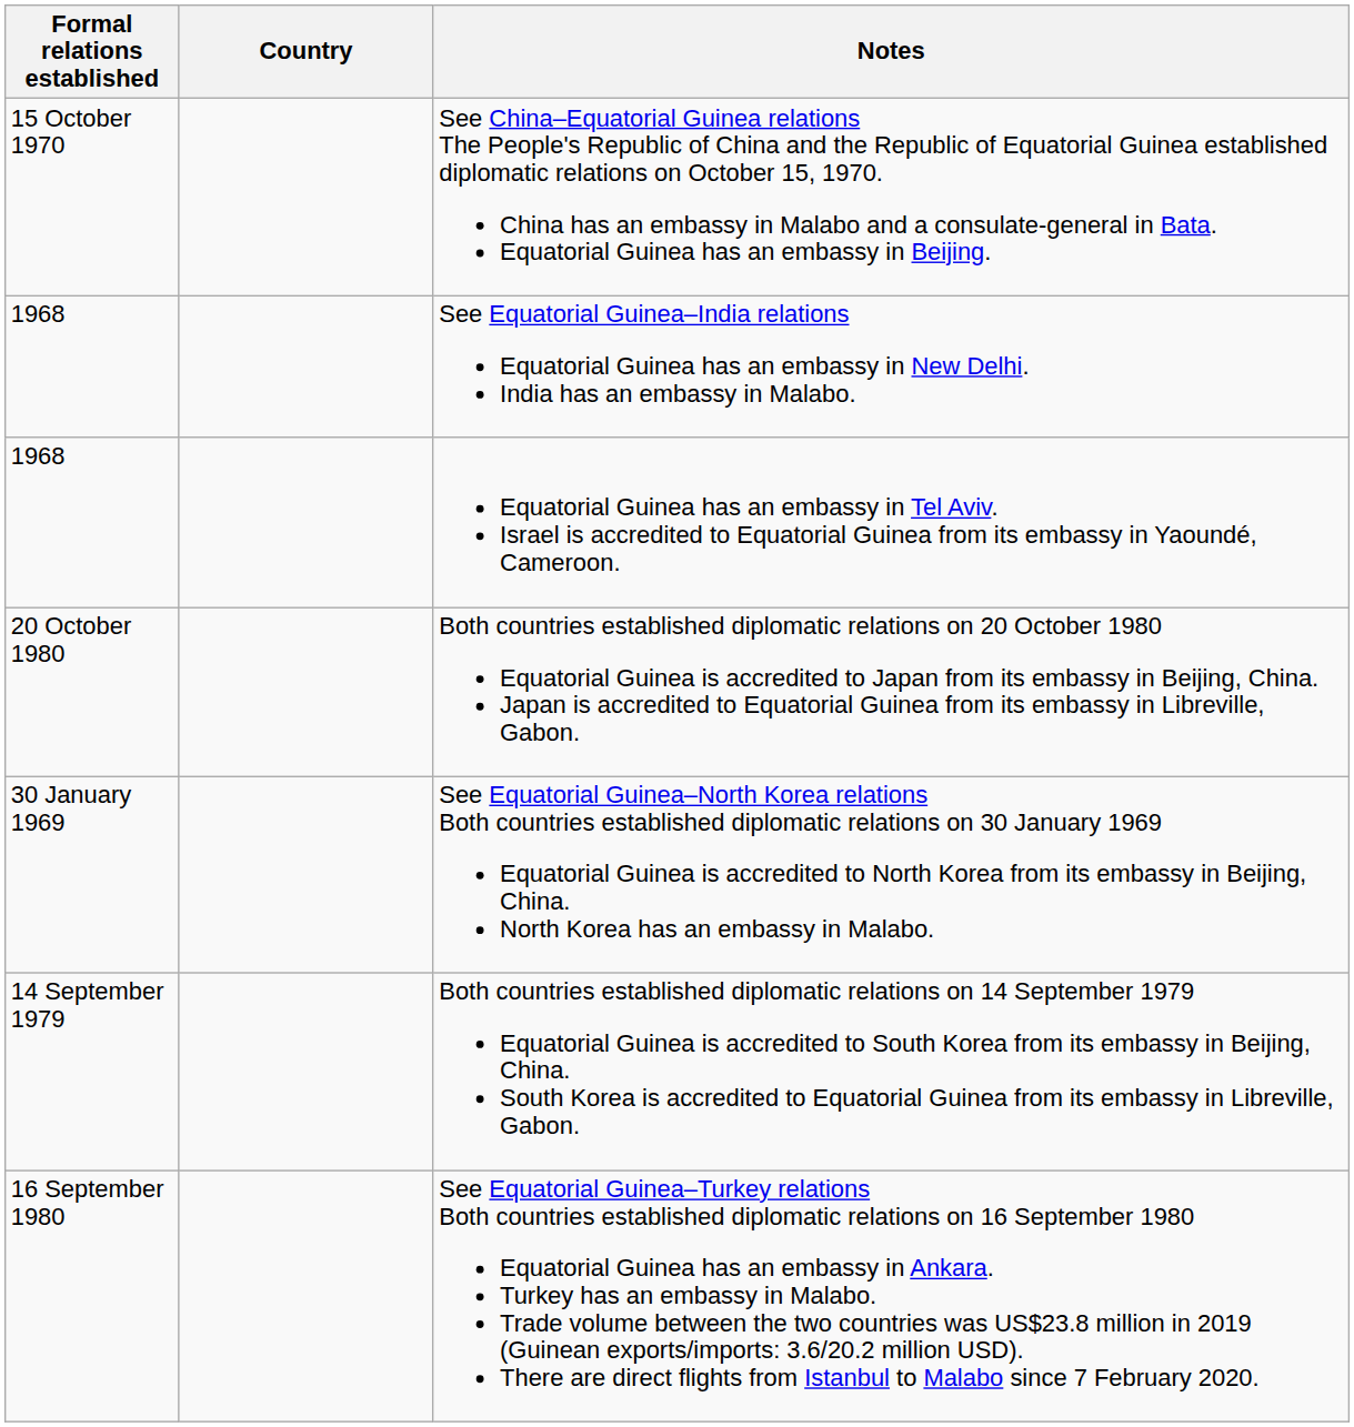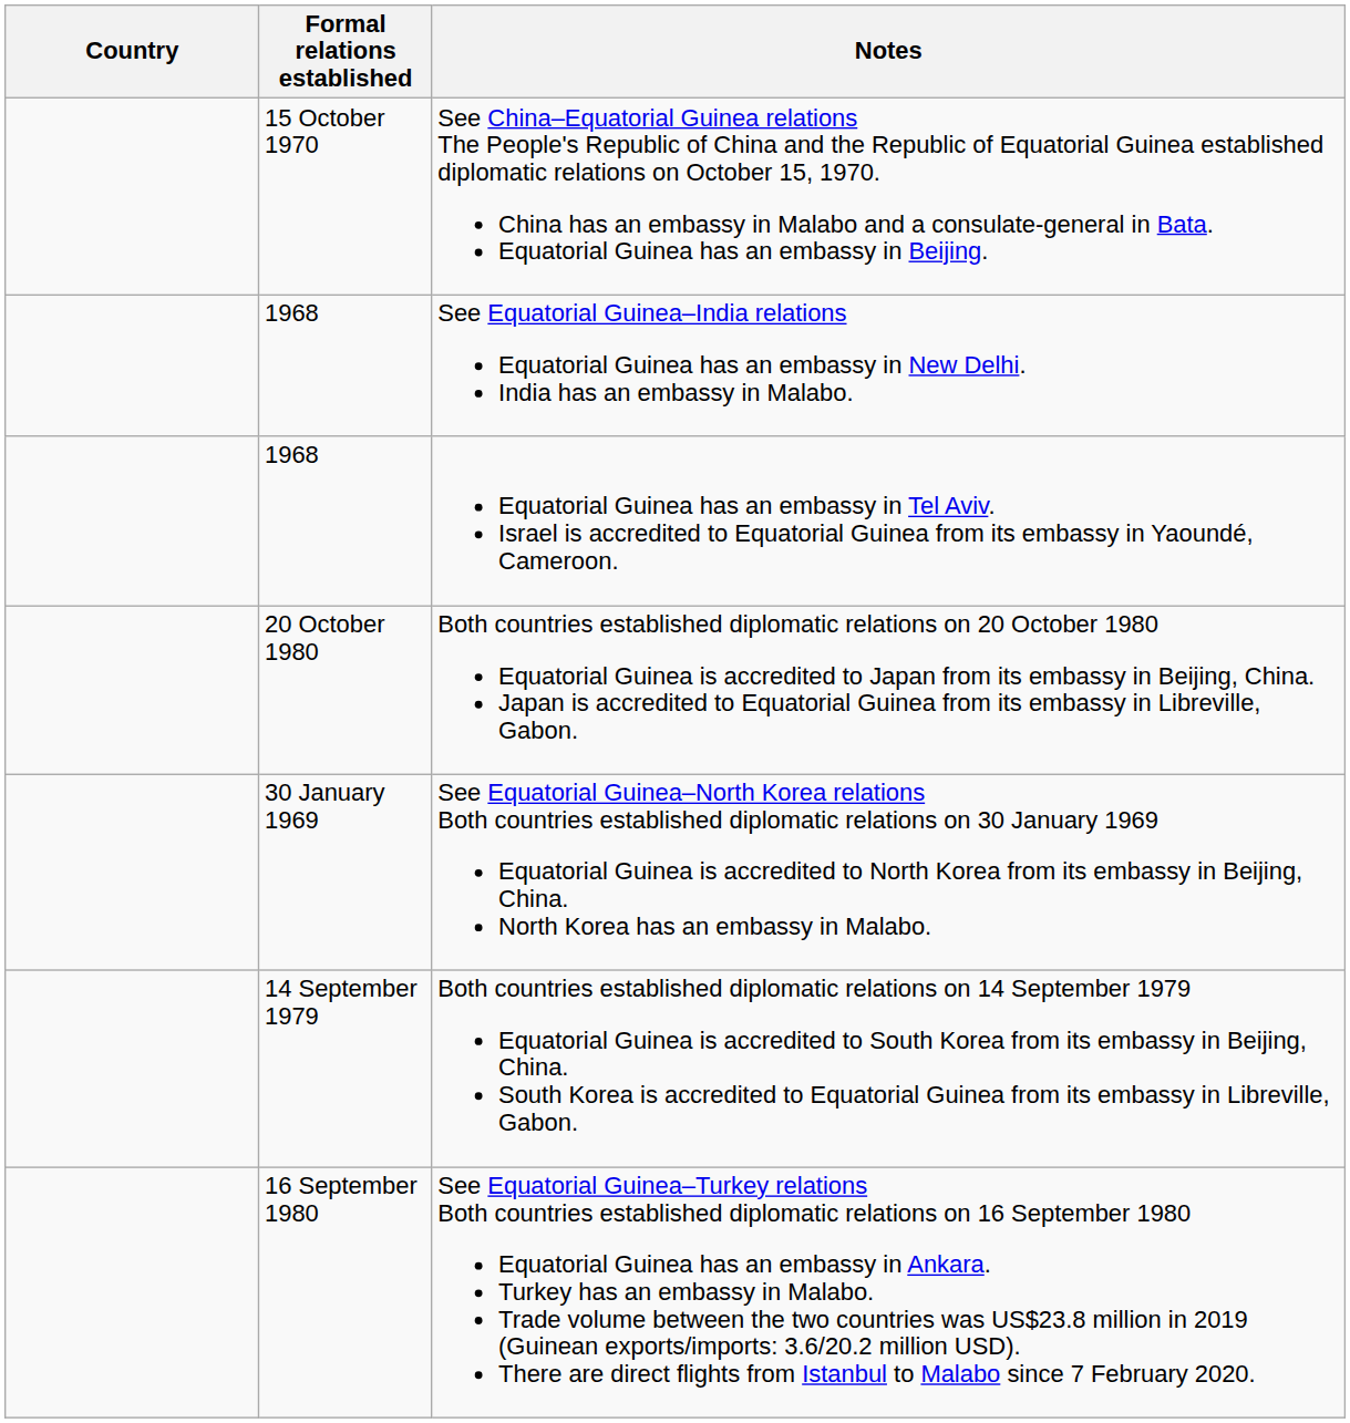 <table class="wikitable sortable" style="width:100%; margin:auto;">
 <tr>
+<th style="width:120pt;">Country</th>
 <th style="width:80pt;">Formal relations established</th>
-<th style="width:120pt;">Country</th>
 <th>Notes</th>
 </tr>
 <tr valign="top">
+<td></td>
 <td>15 October 1970</td>
-<td></td>
 <td>See <a href='#'>China–Equatorial Guinea relations</a><br>The People's Republic of China and the Republic of Equatorial Guinea established diplomatic relations on October 15, 1970.<ul><li>China has an embassy in Malabo and a consulate-general in <a href='#'>Bata</a>.</li><li>Equatorial Guinea has an embassy in <a href='#'>Beijing</a>.</li></ul></td>
 </tr>
 <tr valign="top">
+<td></td>
 <td>1968</td>
-<td></td>
 <td>See <a href='#'>Equatorial Guinea–India relations</a><br><ul><li>Equatorial Guinea has an embassy in <a href='#'>New Delhi</a>.</li><li>India has an embassy in Malabo.</li></ul></td>
 </tr>
 <tr valign="top">
+<td></td>
 <td>1968</td>
-<td></td>
 <td><br><ul><li>Equatorial Guinea has an embassy in <a href='#'>Tel Aviv</a>.</li><li>Israel is accredited to Equatorial Guinea from its embassy in Yaoundé, Cameroon.</li></ul></td>
 </tr>
 <tr valign="top">
+<td></td>
 <td>20 October 1980</td>
-<td></td>
 <td>Both countries established diplomatic relations on 20 October 1980<br><ul><li>Equatorial Guinea is accredited to Japan from its embassy in Beijing, China.</li><li>Japan is accredited to Equatorial Guinea from its embassy in Libreville, Gabon.</li></ul></td>
 </tr>
 <tr valign="top">
+<td></td>
 <td>30 January 1969</td>
-<td></td>
 <td>See <a href='#'>Equatorial Guinea–North Korea relations</a><br>Both countries established diplomatic relations on 30 January 1969<ul><li>Equatorial Guinea is accredited to North Korea from its embassy in Beijing, China.</li><li>North Korea has an embassy in Malabo.</li></ul></td>
 </tr>
 <tr valign="top">
+<td></td>
 <td>14 September 1979</td>
-<td></td>
 <td>Both countries established diplomatic relations on 14 September 1979<br><ul><li>Equatorial Guinea is accredited to South Korea from its embassy in Beijing, China.</li><li>South Korea is accredited to Equatorial Guinea from its embassy in Libreville, Gabon.</li></ul></td>
 </tr>
 <tr valign="top">
+<td></td>
 <td>16 September 1980</td>
-<td></td>
 <td>See <a href='#'>Equatorial Guinea–Turkey relations</a><br>Both countries established diplomatic relations on 16 September 1980<ul><li>Equatorial Guinea has an embassy in <a href='#'>Ankara</a>.</li><li>Turkey has an embassy in Malabo.</li><li>Trade volume between the two countries was US$23.8 million in 2019 (Guinean exports/imports: 3.6/20.2 million USD).</li><li>There are direct flights from <a href='#'>Istanbul</a> to <a href='#'>Malabo</a> since 7 February 2020.</li></ul></td>
 </tr>
 </table>
